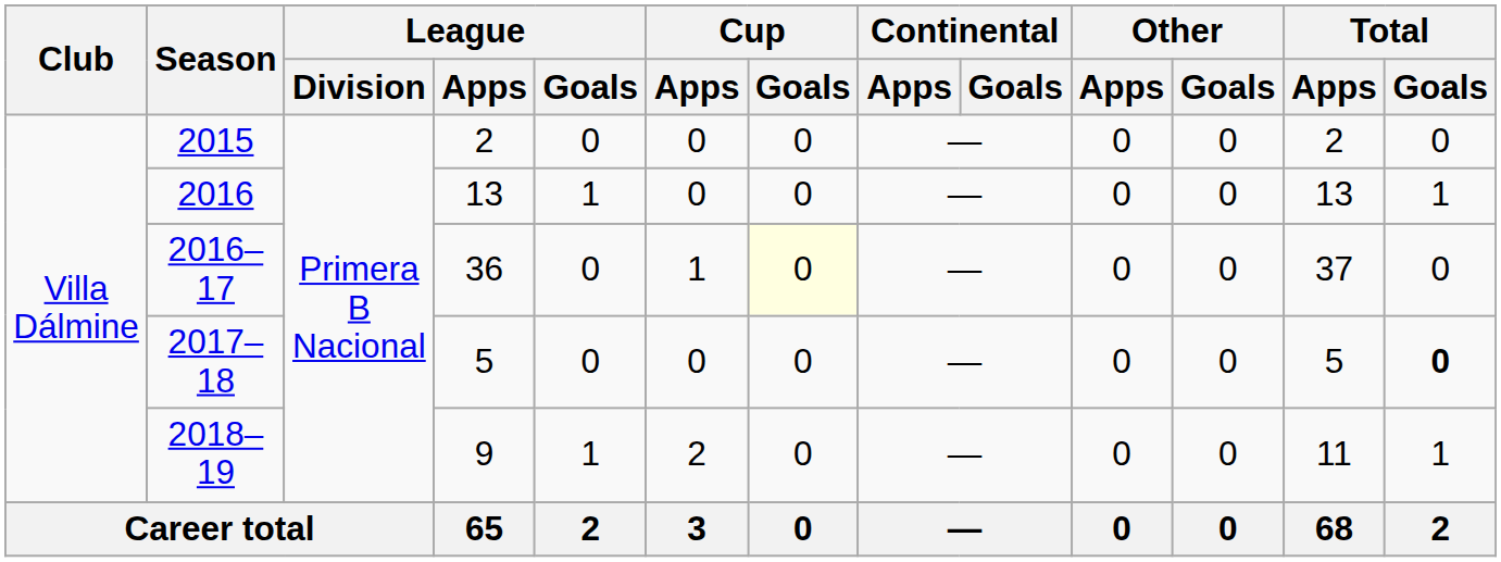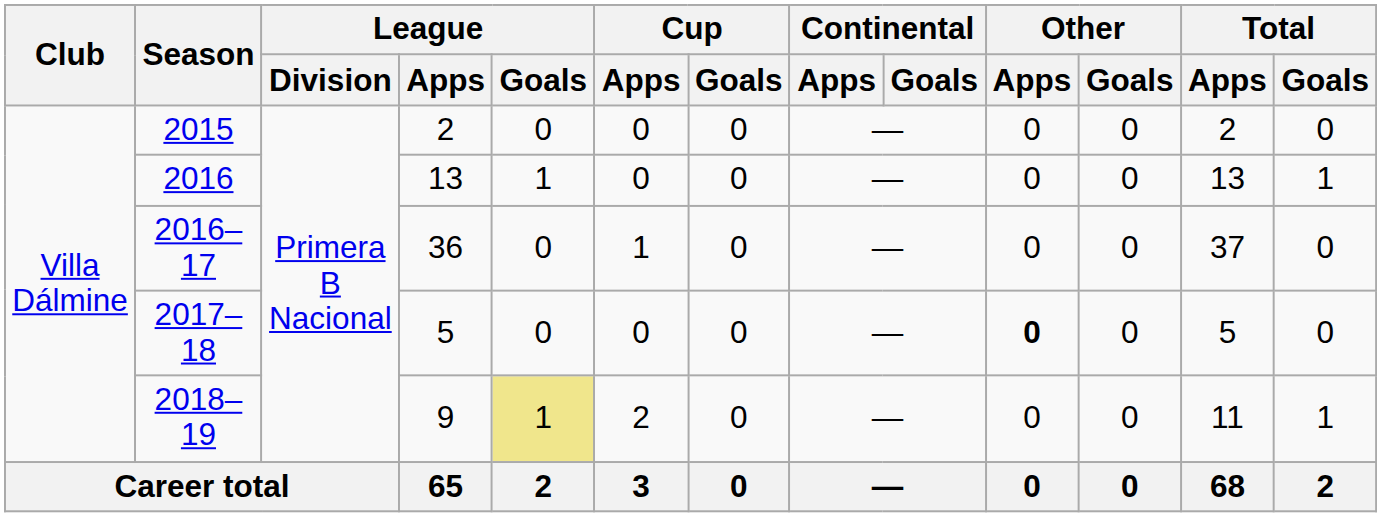 <table class="wikitable" style="text-align:center">
 <tr>
 <th rowspan="2">Club</th>
 <th rowspan="2">Season</th>
 <th colspan="3">League</th>
 <th colspan="2">Cup</th>
 <th colspan="2">Continental</th>
 <th colspan="2">Other</th>
 <th colspan="2">Total</th>
 </tr>
 <tr>
 <th>Division</th>
 <th>Apps</th>
 <th>Goals</th>
 <th>Apps</th>
 <th>Goals</th>
 <th>Apps</th>
 <th>Goals</th>
 <th>Apps</th>
 <th>Goals</th>
 <th>Apps</th>
 <th>Goals</th>
 </tr>
 <tr>
 <td rowspan="5"><a href='#'>Villa Dálmine</a></td>
 <td><a href='#'>2015</a></td>
 <td rowspan="5"><a href='#'>Primera B Nacional</a></td>
 <td>2</td>
 <td>0</td>
 <td>0</td>
 <td>0</td>
 <td colspan="2">—</td>
 <td>0</td>
 <td>0</td>
 <td>2</td>
 <td>0</td>
 </tr>
 <tr>
 <td><a href='#'>2016</a></td>
 <td>13</td>
 <td>1</td>
 <td>0</td>
 <td>0</td>
 <td colspan="2">—</td>
 <td>0</td>
 <td>0</td>
 <td>13</td>
 <td>1</td>
 </tr>
 <tr>
 <td><a href='#'>2016–17</a></td>
 <td>36</td>
 <td>0</td>
 <td>1</td>
-<td style="background: lightyellow;">0</td>
+<td>0</td>
 <td colspan="2">—</td>
 <td>0</td>
 <td>0</td>
 <td>37</td>
 <td>0</td>
 </tr>
 <tr>
 <td><a href='#'>2017–18</a></td>
 <td>5</td>
 <td>0</td>
 <td>0</td>
 <td>0</td>
 <td colspan="2">—</td>
-<td>0</td>
+<td><strong>0</strong></td>
 <td>0</td>
 <td>5</td>
-<td><strong>0</strong></td>
+<td>0</td>
 </tr>
 <tr>
 <td><a href='#'>2018–19</a></td>
 <td>9</td>
-<td>1</td>
+<td style="background: khaki;">1</td>
 <td>2</td>
 <td>0</td>
 <td colspan="2">—</td>
 <td>0</td>
 <td>0</td>
 <td>11</td>
 <td>1</td>
 </tr>
 <tr>
 <th colspan="3">Career total</th>
 <th>65</th>
 <th>2</th>
 <th>3</th>
 <th>0</th>
 <th colspan="2">—</th>
 <th>0</th>
 <th>0</th>
 <th>68</th>
 <th>2</th>
 </tr>
 </table>
